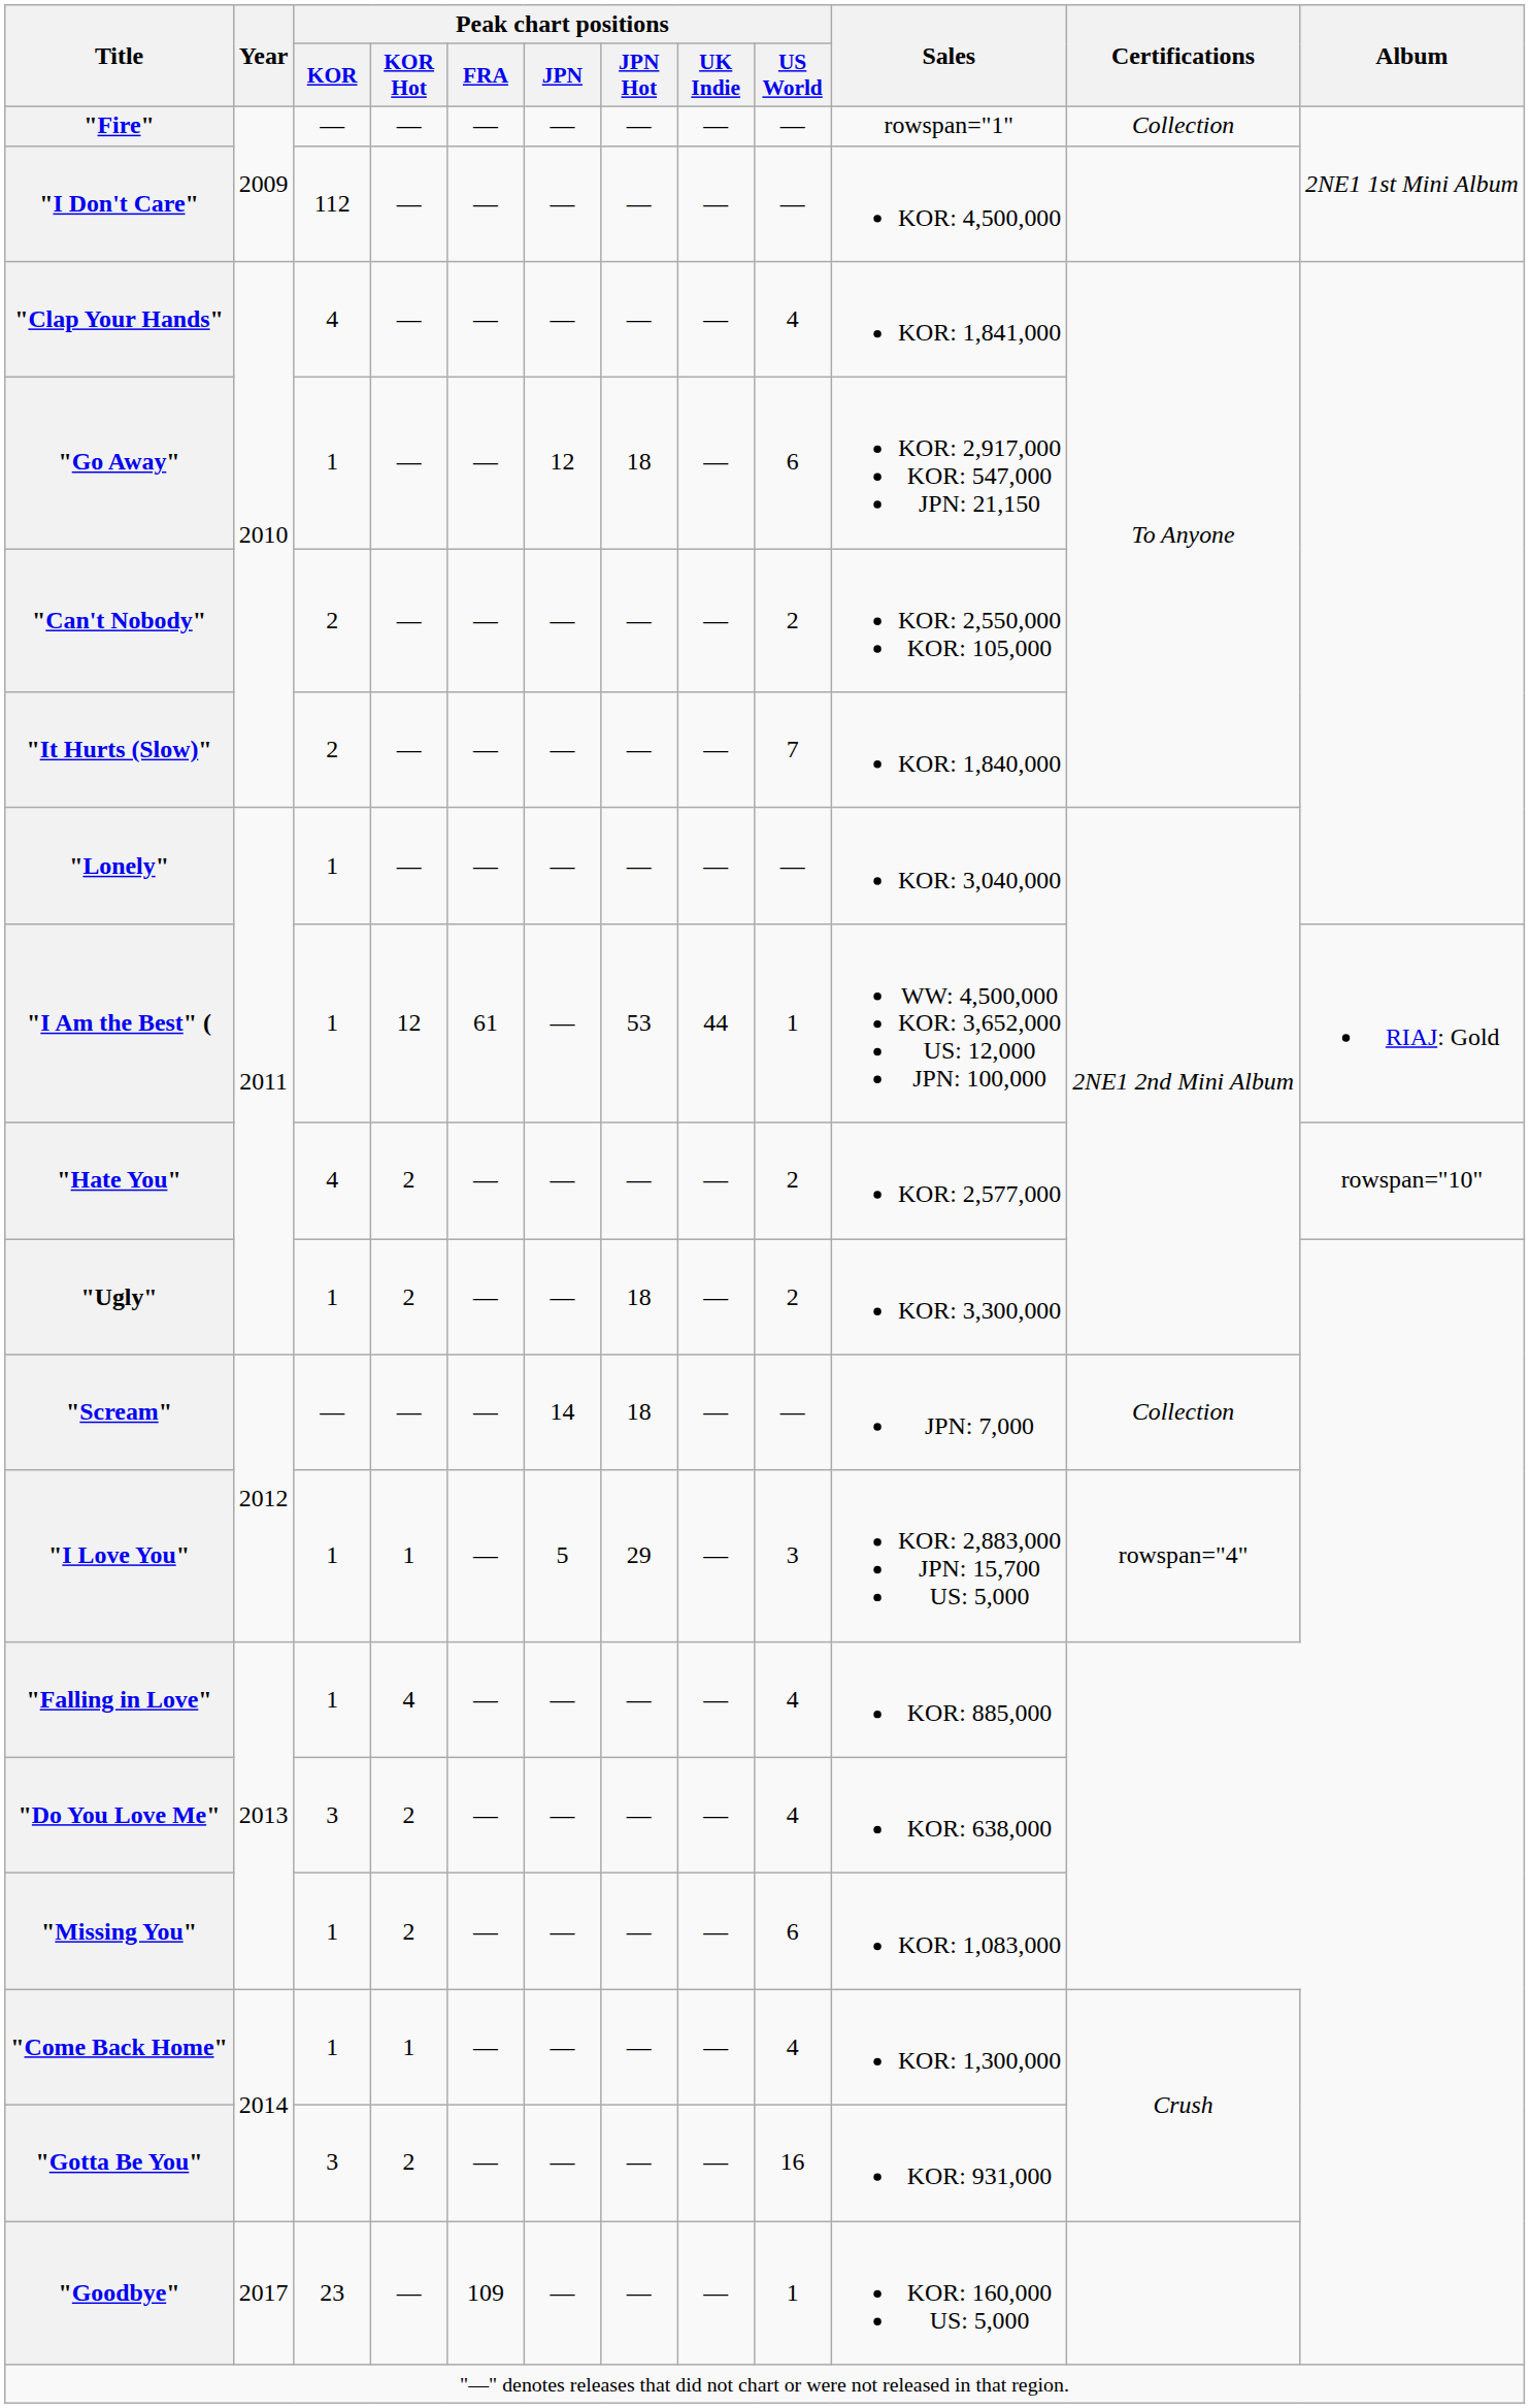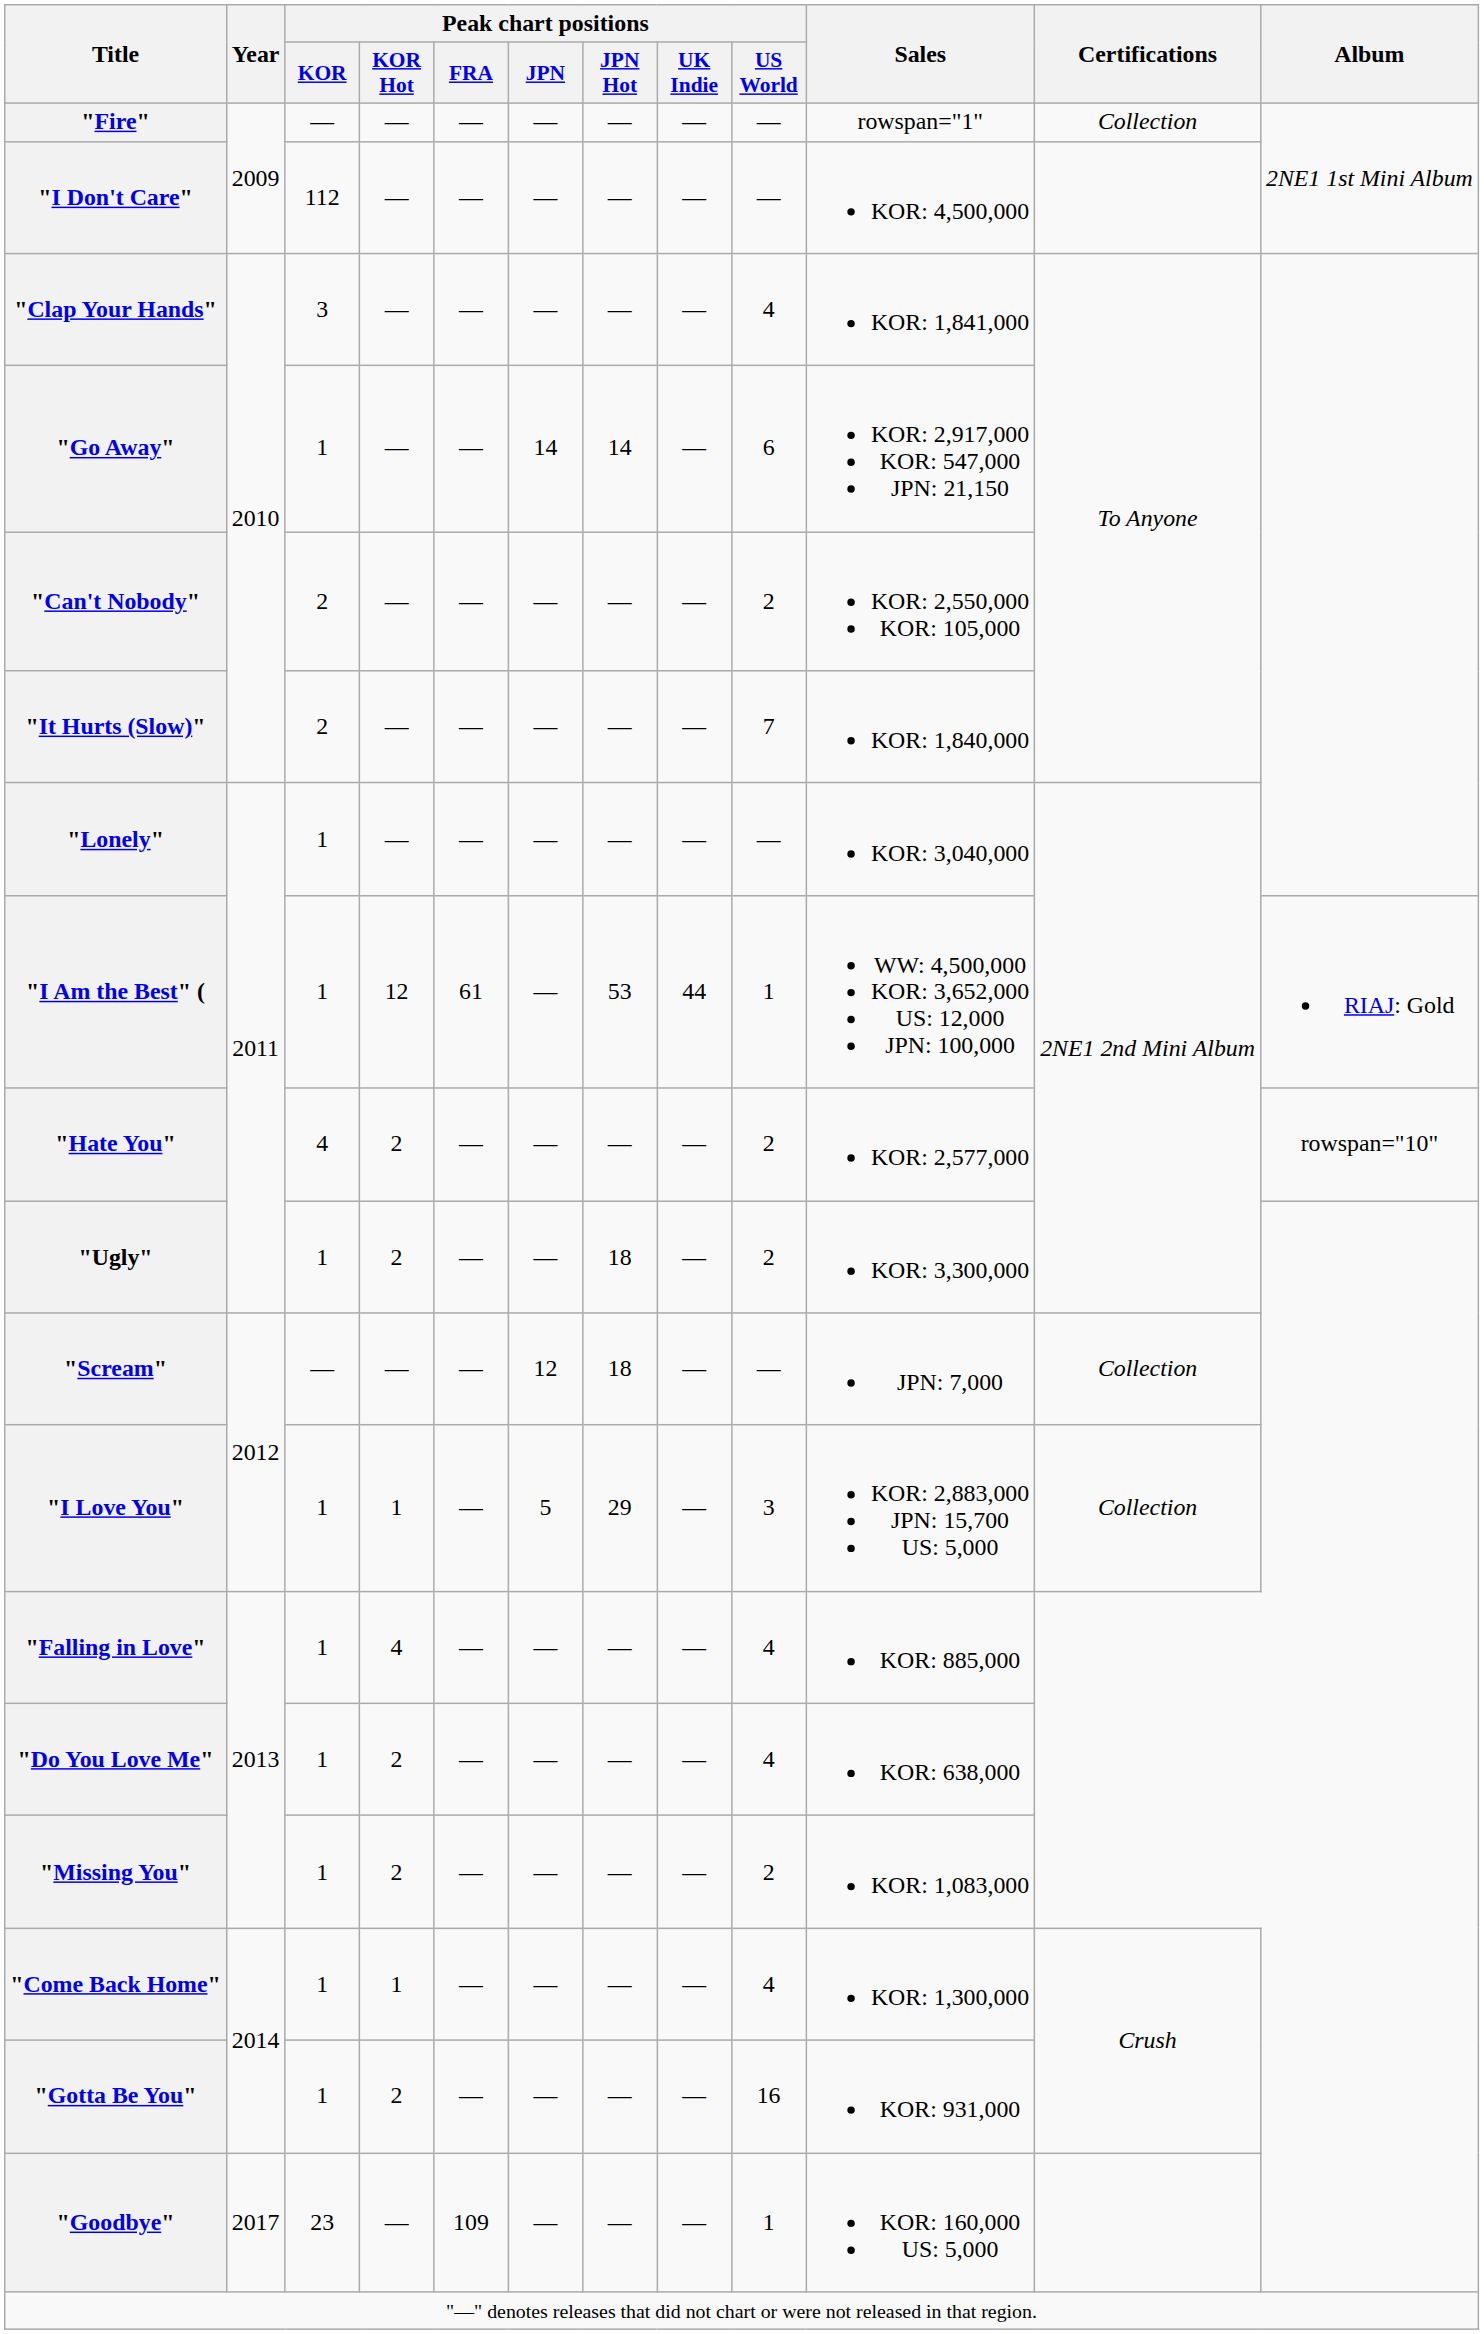 <table class="wikitable plainrowheaders" style="text-align:center;">
 <tr>
 <th scope="col" rowspan="2">Title</th>
 <th scope="col" rowspan="2">Year</th>
 <th scope="col" colspan="7">Peak chart positions</th>
 <th scope="col" rowspan="2">Sales</th>
 <th scope="col" rowspan="2">Certifications</th>
 <th scope="col" rowspan="2">Album</th>
 </tr>
 <tr>
 <th scope="col" style="width:3em;font-size:90%;"><a href='#'>KOR</a><br></th>
 <th scope="col" style="width:3em;font-size:90%;"><a href='#'>KOR Hot</a><br></th>
 <th scope="col" style="width:3em;font-size:90%;"><a href='#'>FRA</a><br></th>
 <th scope="col" style="width:3em;font-size:90%;"><a href='#'>JPN</a><br></th>
 <th scope="col" style="width:3em;font-size:90%;"><a href='#'>JPN Hot</a><br></th>
 <th scope="col" style="width:3em;font-size:90%;"><a href='#'>UK Indie</a><br></th>
 <th scope="col" style="width:3em;font-size:90%;"><a href='#'>US World</a><br></th>
 </tr>
 <tr>
 <th scope="row">"<a href='#'>Fire</a>"</th>
 <td rowspan="2">2009</td>
 <td>—</td>
 <td>—</td>
 <td>—</td>
 <td>—</td>
 <td>—</td>
 <td>—</td>
 <td>—</td>
 <td>rowspan="1" </td>
 <td><em>Collection</em></td>
 <td rowspan="2"><em>2NE1 1st Mini Album</em></td>
 </tr>
 <tr>
 <th scope="row">"<a href='#'>I Don't Care</a>"</th>
 <td>112</td>
 <td>—</td>
 <td>—</td>
 <td>—</td>
 <td>—</td>
 <td>—</td>
 <td>—</td>
 <td><br><ul><li>KOR: 4,500,000</li></ul></td>
 </tr>
 <tr>
 <th scope="row">"<a href='#'>Clap Your Hands</a>" </th>
 <td rowspan="4">2010</td>
-<td>4</td>
+<td>3</td>
 <td>—</td>
 <td>—</td>
 <td>—</td>
 <td>—</td>
 <td>—</td>
 <td>4</td>
 <td><br><ul><li>KOR: 1,841,000</li></ul></td>
 <td rowspan="4"><em>To Anyone</em></td>
 </tr>
 <tr>
 <th scope="row">"<a href='#'>Go Away</a>"</th>
 <td>1</td>
 <td>—</td>
 <td>—</td>
-<td>12</td>
-<td>18</td>
+<td>14</td>
+<td>14</td>
 <td>—</td>
 <td>6</td>
 <td><br><ul><li>KOR: 2,917,000</li><li>KOR: 547,000 </li><li>JPN: 21,150 </li></ul></td>
 </tr>
 <tr>
 <th scope="row">"<a href='#'>Can't Nobody</a>"</th>
 <td>2</td>
 <td>—</td>
 <td>—</td>
 <td>—</td>
 <td>—</td>
 <td>—</td>
 <td>2</td>
 <td><br><ul><li>KOR: 2,550,000</li><li>KOR: 105,000 </li></ul></td>
 </tr>
 <tr>
 <th scope="row">"<a href='#'>It Hurts (Slow)</a>" </th>
 <td>2</td>
 <td>—</td>
 <td>—</td>
 <td>—</td>
 <td>—</td>
 <td>—</td>
 <td>7</td>
 <td><br><ul><li>KOR: 1,840,000</li></ul></td>
 </tr>
 <tr>
 <th scope="row">"<a href='#'>Lonely</a>"</th>
 <td rowspan="4">2011</td>
 <td>1</td>
 <td>—</td>
 <td>—</td>
 <td>—</td>
 <td>—</td>
 <td>—</td>
 <td>—</td>
 <td><br><ul><li>KOR: 3,040,000</li></ul></td>
 <td rowspan="4"><em>2NE1 2nd Mini Album</em></td>
 </tr>
 <tr>
 <th scope="row">"<a href='#'>I Am the Best</a>" (</th>
 <td>1</td>
 <td>12</td>
 <td>61</td>
 <td>—</td>
 <td>53</td>
 <td>44</td>
 <td>1</td>
 <td><br><ul><li>WW: 4,500,000</li><li>KOR: 3,652,000</li><li>US: 12,000</li><li>JPN: 100,000</li></ul></td>
 <td><br><ul><li><a href='#'>RIAJ</a>: Gold</li></ul></td>
 </tr>
 <tr>
 <th scope="row">"<a href='#'>Hate You</a>"</th>
 <td>4</td>
 <td>2</td>
 <td>—</td>
 <td>—</td>
 <td>—</td>
 <td>—</td>
 <td>2</td>
 <td><br><ul><li>KOR: 2,577,000</li></ul></td>
 <td>rowspan="10" </td>
 </tr>
 <tr>
 <th scope="row">"Ugly"</th>
 <td>1</td>
 <td>2</td>
 <td>—</td>
 <td>—</td>
 <td>18</td>
 <td>—</td>
 <td>2</td>
 <td><br><ul><li>KOR: 3,300,000</li></ul></td>
 </tr>
 <tr>
 <th scope="row">"<a href='#'>Scream</a>" </th>
 <td rowspan="2">2012</td>
 <td>—</td>
 <td>—</td>
 <td>—</td>
-<td>14</td>
+<td>12</td>
 <td>18</td>
 <td>—</td>
 <td>—</td>
 <td><br><ul><li>JPN: 7,000 </li></ul></td>
 <td><em>Collection</em></td>
 </tr>
 <tr>
 <th scope="row">"<a href='#'>I Love You</a>"</th>
 <td>1</td>
 <td>1</td>
 <td>—</td>
 <td>5</td>
 <td>29</td>
 <td>—</td>
 <td>3</td>
 <td><br><ul><li>KOR: 2,883,000</li><li>JPN: 15,700 </li><li>US: 5,000</li></ul></td>
-<td>rowspan="4" </td>
+<td><em>Collection</em></td>
 </tr>
 <tr>
 <th scope="row">"<a href='#'>Falling in Love</a>"</th>
 <td rowspan="3">2013</td>
 <td>1</td>
 <td>4</td>
 <td>—</td>
 <td>—</td>
 <td>—</td>
 <td>—</td>
 <td>4</td>
 <td><br><ul><li>KOR: 885,000</li></ul></td>
 </tr>
 <tr>
 <th scope="row">"<a href='#'>Do You Love Me</a>"</th>
-<td>3</td>
+<td>1</td>
 <td>2</td>
 <td>—</td>
 <td>—</td>
 <td>—</td>
 <td>—</td>
 <td>4</td>
 <td><br><ul><li>KOR: 638,000</li></ul></td>
 </tr>
 <tr>
 <th scope="row">"<a href='#'>Missing You</a>" </th>
 <td>1</td>
 <td>2</td>
 <td>—</td>
 <td>—</td>
 <td>—</td>
 <td>—</td>
-<td>6</td>
+<td>2</td>
 <td><br><ul><li>KOR: 1,083,000</li></ul></td>
 </tr>
 <tr>
 <th scope="row">"<a href='#'>Come Back Home</a>"</th>
 <td rowspan="2">2014</td>
 <td>1</td>
 <td>1</td>
 <td>—</td>
 <td>—</td>
 <td>—</td>
 <td>—</td>
 <td>4</td>
 <td><br><ul><li>KOR: 1,300,000</li></ul></td>
 <td rowspan="2"><em>Crush</em></td>
 </tr>
 <tr>
 <th scope="row">"<a href='#'>Gotta Be You</a>" </th>
-<td>3</td>
+<td>1</td>
 <td>2</td>
 <td>—</td>
 <td>—</td>
 <td>—</td>
 <td>—</td>
 <td>16</td>
 <td><br><ul><li>KOR: 931,000</li></ul></td>
 </tr>
 <tr>
 <th scope="row">"<a href='#'>Goodbye</a>" </th>
 <td>2017</td>
 <td>23</td>
 <td>—</td>
 <td>109</td>
 <td>—</td>
 <td>—</td>
 <td>—</td>
 <td>1</td>
 <td><br><ul><li>KOR: 160,000</li><li>US: 5,000</li></ul></td>
 <td></td>
 </tr>
 <tr>
 <td colspan="12"><small>"—" denotes releases that did not chart or were not released in that region.</small></td>
 </tr>
 </table>
